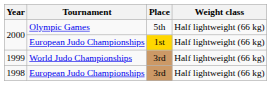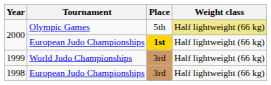 <table class="wikitable" style="font-size:95%;">
 <tr>
 <th>Year</th>
 <th>Tournament</th>
 <th>Place</th>
 <th>Weight class</th>
 </tr>
 <tr>
 <td rowspan=2>2000</td>
 <td><a href='#'>Olympic Games</a></td>
 <td align="center">5th</td>
-<td>Half lightweight (66 kg)</td>
+<td style="background: khaki;">Half lightweight (66 kg)</td>
 </tr>
 <tr>
 <td><a href='#'>European Judo Championships</a></td>
-<td bgcolor="gold" align="center">1st</td>
+<td bgcolor="gold" align="center"><strong>1st</strong></td>
 <td>Half lightweight (66 kg)</td>
 </tr>
 <tr>
 <td>1999</td>
 <td><a href='#'>World Judo Championships</a></td>
 <td bgcolor="cc9966" align="center">3rd</td>
 <td>Half lightweight (66 kg)</td>
 </tr>
 <tr>
 <td>1998</td>
 <td><a href='#'>European Judo Championships</a></td>
 <td bgcolor="cc9966" align="center">3rd</td>
 <td>Half lightweight (66 kg)</td>
 </tr>
 </table>
